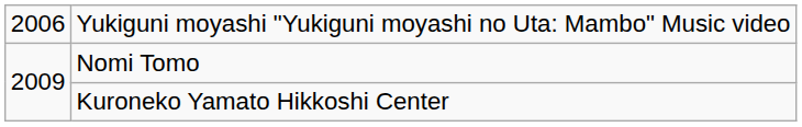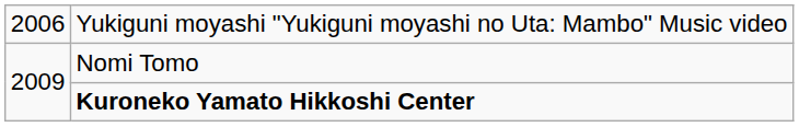 <table class="wikitable">
 <tr>
 <td>2006</td>
 <td>Yukiguni moyashi "Yukiguni moyashi no Uta: Mambo" Music video</td>
 </tr>
 <tr>
 <td rowspan="2">2009</td>
 <td>Nomi Tomo</td>
 </tr>
 <tr>
-<td>Kuroneko Yamato Hikkoshi Center</td>
+<td><strong>Kuroneko Yamato Hikkoshi Center</strong></td>
 </tr>
 </table>
